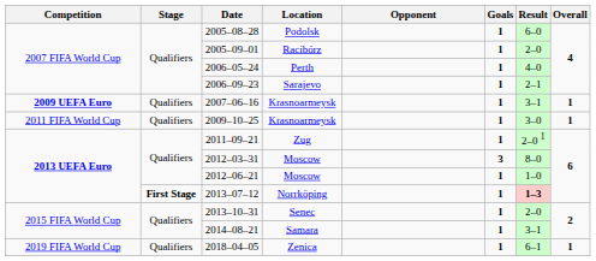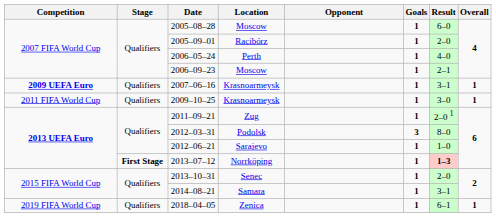 <table class="wikitable" style="font-size:90%">
 <tr>
 <th width=175px>Competition</th>
 <th width=75px>Stage</th>
 <th width=75px>Date</th>
 <th width=100px>Location</th>
 <th width=185px>Opponent</th>
 <th width=25px>Goals</th>
 <th width=25>Result</th>
 <th width=25px>Overall</th>
 </tr>
 <tr align=center>
 <td rowspan=4><a href='#'>2007 FIFA World Cup</a></td>
 <td rowspan=4>Qualifiers</td>
 <td>2005–08–28</td>
-<td><a href='#'>Podolsk</a></td>
+<td><a href='#'>Moscow</a></td>
 <td align=left></td>
 <td><strong>1</strong></td>
 <td bgcolor=#CCFFCC>6–0</td>
 <td rowspan=4><strong>4</strong></td>
 </tr>
 <tr align=center>
 <td>2005–09–01</td>
 <td><a href='#'>Racibórz</a></td>
 <td align=left></td>
 <td><strong>1</strong></td>
 <td bgcolor=#CCFFCC>2–0</td>
 </tr>
 <tr align=center>
 <td>2006–05–24</td>
 <td><a href='#'>Perth</a></td>
 <td align=left></td>
 <td><strong>1</strong></td>
 <td bgcolor=#CCFFCC>4–0</td>
 </tr>
 <tr align=center>
 <td>2006–09–23</td>
-<td><a href='#'>Sarajevo</a></td>
+<td><a href='#'>Moscow</a></td>
 <td align=left></td>
 <td><strong>1</strong></td>
 <td bgcolor=#CCFFCC>2–1</td>
 </tr>
 <tr align=center>
 <td><strong><a href='#'>2009 UEFA Euro</a></strong></td>
 <td>Qualifiers</td>
 <td>2007–06–16</td>
 <td><a href='#'>Krasnoarmeysk</a></td>
 <td align=left></td>
 <td><strong>1</strong></td>
 <td bgcolor=#CCFFCC>3–1</td>
 <td><strong>1</strong></td>
 </tr>
 <tr align=center>
 <td><a href='#'>2011 FIFA World Cup</a></td>
 <td>Qualifiers</td>
 <td>2009–10–25</td>
 <td><a href='#'>Krasnoarmeysk</a></td>
 <td align=left></td>
 <td><strong>1</strong></td>
 <td bgcolor=#CCFFCC>3–0</td>
 <td><strong>1</strong></td>
 </tr>
 <tr align=center>
 <td rowspan=4><strong><a href='#'>2013 UEFA Euro</a></strong></td>
 <td rowspan=3>Qualifiers</td>
 <td>2011–09–21</td>
 <td><a href='#'>Zug</a></td>
 <td align=left></td>
 <td><strong>1</strong></td>
 <td bgcolor=#CCFFCC>2–0 <sup>1</sup></td>
 <td rowspan=4><strong>6</strong></td>
 </tr>
 <tr align=center>
 <td>2012–03–31</td>
-<td><a href='#'>Moscow</a></td>
+<td><a href='#'>Podolsk</a></td>
 <td align=left></td>
 <td><strong>3</strong></td>
 <td bgcolor=#CCFFCC>8–0</td>
 </tr>
 <tr align=center>
 <td>2012–06–21</td>
-<td><a href='#'>Moscow</a></td>
+<td><a href='#'>Sarajevo</a></td>
 <td align=left></td>
 <td><strong>1</strong></td>
 <td bgcolor=#CCFFCC>1–0</td>
 </tr>
 <tr align=center>
 <td><strong>First Stage</strong></td>
 <td>2013–07–12</td>
 <td><a href='#'>Norrköping</a></td>
 <td align=left></td>
 <td><strong>1</strong></td>
 <td bgcolor=#FFCCCC><strong>1–3</strong></td>
 </tr>
 <tr align=center>
 <td rowspan=2><a href='#'>2015 FIFA World Cup</a></td>
 <td rowspan=2>Qualifiers</td>
 <td>2013–10–31</td>
 <td><a href='#'>Senec</a></td>
 <td align=left></td>
 <td><strong>1</strong></td>
 <td bgcolor=#CCFFCC>2–0</td>
 <td rowspan=2><strong>2</strong></td>
 </tr>
 <tr align=center>
 <td>2014–08–21</td>
 <td><a href='#'>Samara</a></td>
 <td align=left></td>
 <td><strong>1</strong></td>
 <td bgcolor=#CCFFCC>3–1</td>
 </tr>
 <tr align=center>
 <td><a href='#'>2019 FIFA World Cup</a></td>
 <td>Qualifiers</td>
 <td>2018–04–05</td>
 <td><a href='#'>Zenica</a></td>
 <td align=left></td>
 <td><strong>1</strong></td>
 <td bgcolor=#CCFFCC>6–1</td>
 <td><strong>1</strong></td>
 </tr>
 </table>
